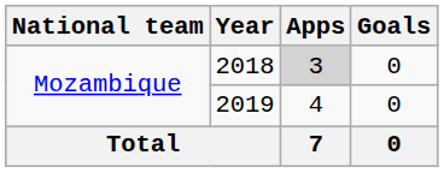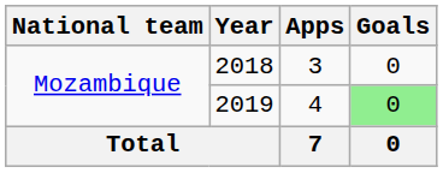 <table class="wikitable" style="text-align:center">
 <tr>
 <th>National team</th>
 <th>Year</th>
 <th>Apps</th>
 <th>Goals</th>
 </tr>
 <tr>
 <td rowspan="2"><a href='#'>Mozambique</a></td>
 <td>2018</td>
-<td style="background: lightgrey;">3</td>
+<td>3</td>
 <td>0</td>
 </tr>
 <tr>
 <td>2019</td>
 <td>4</td>
-<td>0</td>
+<td style="background: lightgreen;">0</td>
 </tr>
 <tr>
 <th colspan=2>Total</th>
 <th>7</th>
 <th>0</th>
 </tr>
 </table>
